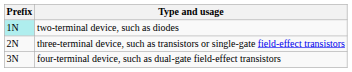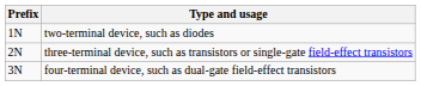 <table class="wikitable">
 <tr>
 <th>Prefix</th>
 <th>Type and usage</th>
 </tr>
 <tr>
-<td style="background: paleturquoise;">1N</td>
+<td>1N</td>
 <td>two-terminal device, such as diodes</td>
 </tr>
 <tr>
 <td>2N</td>
 <td>three-terminal device, such as transistors or single-gate <a href='#'>field-effect transistors</a></td>
 </tr>
 <tr>
 <td>3N</td>
 <td>four-terminal device, such as dual-gate field-effect transistors</td>
 </tr>
 </table>
